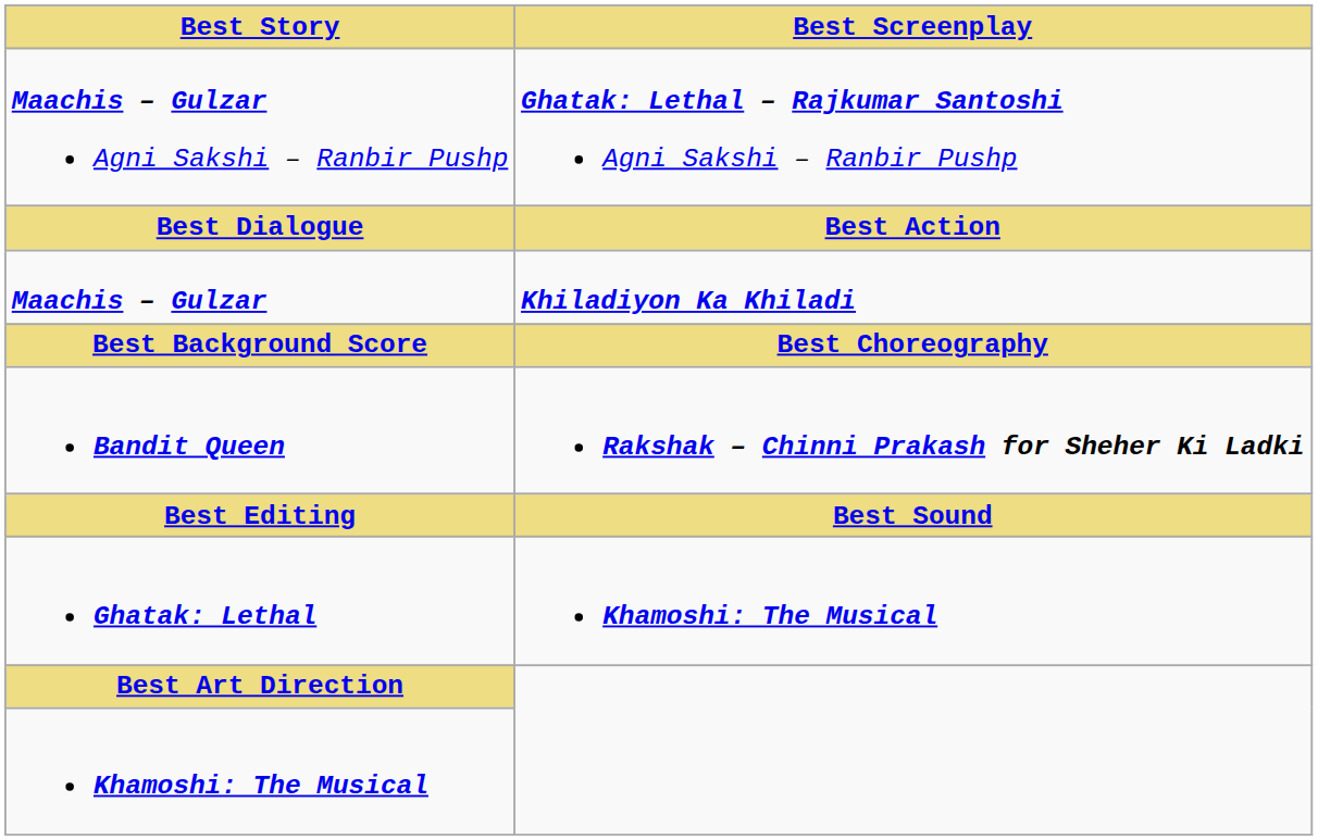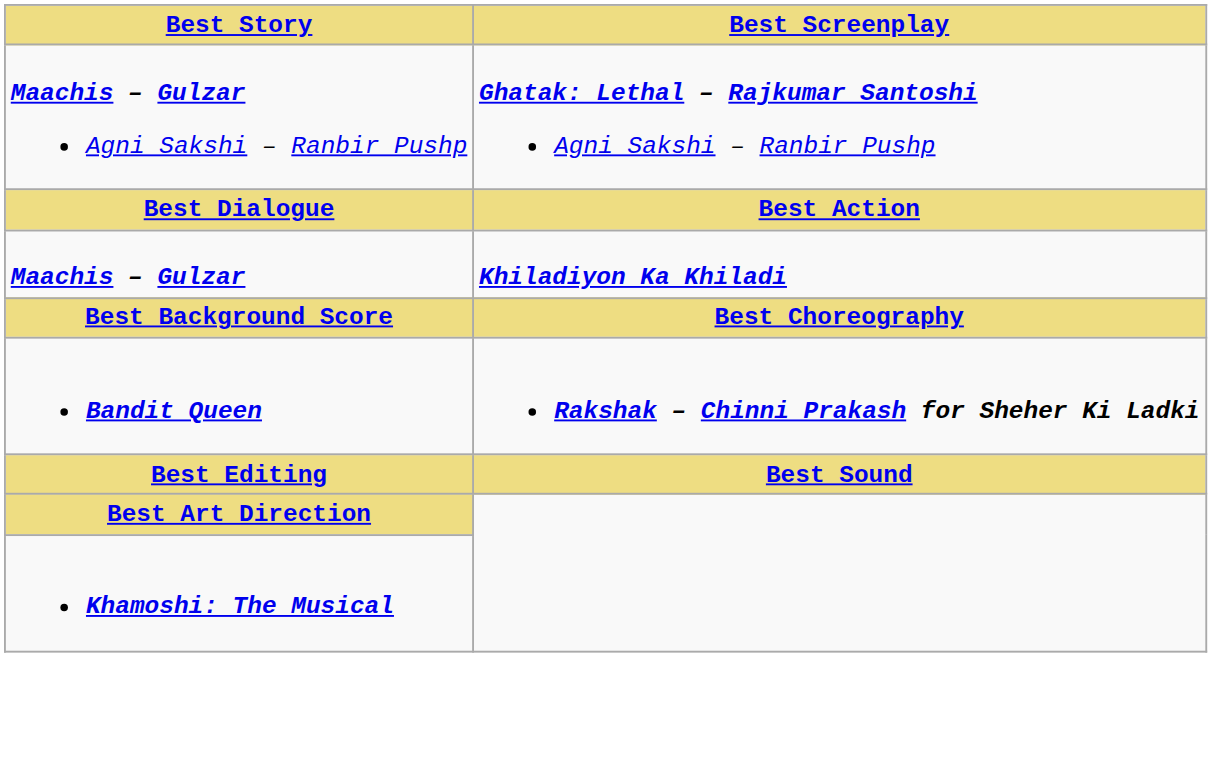 <table class="wikitable">
 <tr>
 <th ! style="background:#EEDD82;text-align:center;"><a href='#'>Best Story</a></th>
 <th ! style="background:#eedd82; text-align:center;"><a href='#'>Best Screenplay</a></th>
 </tr>
 <tr>
 <td valign="top"><br><strong> <em><a href='#'>Maachis</a> – <a href='#'>Gulzar</a></em> </strong><ul><li><em><a href='#'>Agni Sakshi</a> – <a href='#'>Ranbir Pushp</a></em></li></ul></td>
 <td valign="top"><br><strong> <em><a href='#'>Ghatak: Lethal</a> – <a href='#'>Rajkumar Santoshi</a></em> </strong><ul><li><em><a href='#'>Agni Sakshi</a> – <a href='#'>Ranbir Pushp</a></em></li></ul></td>
 </tr>
 <tr>
 <th ! style="background:#EEDD82;text-align:center;"><a href='#'>Best Dialogue</a></th>
 <th ! style="background:#eedd82; text-align:center;"><a href='#'>Best Action</a></th>
 </tr>
 <tr>
 <td valign="top"><br><strong> <em><a href='#'>Maachis</a> – <a href='#'>Gulzar</a></em> </strong></td>
 <td valign="top"><br><strong> <em><a href='#'>Khiladiyon Ka Khiladi</a></em> </strong></td>
 </tr>
 <tr>
 <th ! style="background:#EEDD82;text-align:center;"><a href='#'>Best Background Score</a></th>
 <th ! style="background:#eedd82; text-align:center;"><a href='#'>Best Choreography</a></th>
 </tr>
 <tr>
 <td valign="top"><br><ul><li><strong> <em><a href='#'>Bandit Queen</a></em> </strong></li></ul></td>
 <td valign="top"><br><ul><li><strong> <em><a href='#'>Rakshak</a> – <a href='#'>Chinni Prakash</a> for Sheher Ki Ladki</em> </strong></li></ul></td>
 </tr>
 <tr>
 <th ! style="background:#EEDD82;text-align:center;"><a href='#'>Best Editing</a></th>
 <th ! style="background:#eedd82; text-align:center;"><a href='#'>Best Sound</a></th>
 </tr>
 <tr>
-<td valign="top"><br><ul><li><strong> <em><a href='#'>Ghatak: Lethal</a></em> </strong></li></ul></td>
-<td valign="top"><br><ul><li><strong> <em><a href='#'>Khamoshi: The Musical</a></em> </strong></li></ul></td>
-</tr>
-<tr>
 <th ! style="background:#EEDD82;text-align:center;"><a href='#'>Best Art Direction</a></th>
 </tr>
 <tr>
 <td valign="top"><br><ul><li><strong> <em><a href='#'>Khamoshi: The Musical</a></em> </strong></li></ul></td>
 </tr>
 </table>
